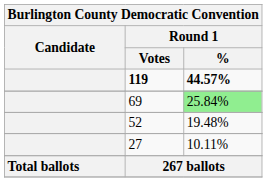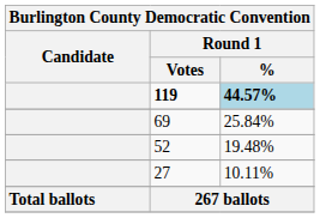 <table class="wikitable sortable">
 <tr>
 <th colspan=" 19 ">Burlington County Democratic Convention</th>
 </tr>
 <tr style="background:#eee; text-align:center;">
 <th rowspan=2 style="text-align:center;">Candidate</th>
 <th colspan=2 style="text-align:center;">Round 1</th>
 </tr>
 <tr>
 <th>Votes</th>
 <th>%</th>
 </tr>
 <tr>
 <th scope="row" style="text-align:left;"></th>
 <td><strong>119</strong></td>
-<td><strong>44.57%</strong></td>
+<td style="background: lightblue;"><strong>44.57%</strong></td>
 </tr>
 <tr>
 </tr>
 <tr>
 </tr>
 <tr>
 <th scope="row" style="text-align:left;"></th>
 <td>69</td>
-<td style="background: lightgreen;">25.84%</td>
+<td>25.84%</td>
 </tr>
 <tr>
 </tr>
 <tr>
 </tr>
 <tr>
 <th scope="row" style="text-align:left;"></th>
 <td>52</td>
 <td>19.48%</td>
 </tr>
 <tr>
 </tr>
 <tr>
 </tr>
 <tr>
 <th scope="row" style="text-align:left;"></th>
 <td>27</td>
 <td>10.11%</td>
 </tr>
 <tr>
 </tr>
 <tr>
 <th scope="row" style="text-align:left;">Total ballots</th>
 <th colspan="2">267 ballots</th>
 </tr>
 <tr>
 </tr>
 </table>
